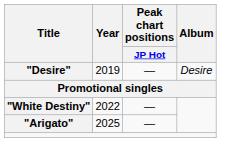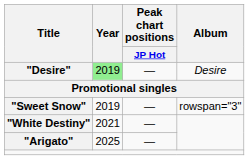 <table class="wikitable plainrowheaders" style="text-align:center">
 <tr>
 <th rowspan="2" scope="col">Title</th>
 <th rowspan="2" scope="col">Year</th>
 <th>Peak chart positions</th>
 <th rowspan="2" scope="col">Album</th>
 </tr>
 <tr>
 <th scope="col" style="width:3em;font-size:90%"><a href='#'>JP Hot</a></th>
 </tr>
 <tr>
 <th scope="row">"Desire"</th>
-<td>2019</td>
+<td style="background: lightgreen;">2019</td>
 <td>—</td>
 <td><em>Desire</em></td>
 </tr>
 <tr>
 <th colspan="4">Promotional singles</th>
 </tr>
 <tr>
+<th scope="row">"Sweet Snow"</th>
+<td>2019</td>
+<td>—</td>
+<td>rowspan="3" </td>
+</tr>
+<tr>
 <th scope="row">"White Destiny"</th>
-<td>2022</td>
+<td>2021</td>
 <td>—</td>
 </tr>
 <tr>
 <th scope="row">"Arigato"</th>
 <td>2025</td>
 <td>—</td>
 </tr>
 <tr>
 <td colspan="4"></td>
 </tr>
 </table>
